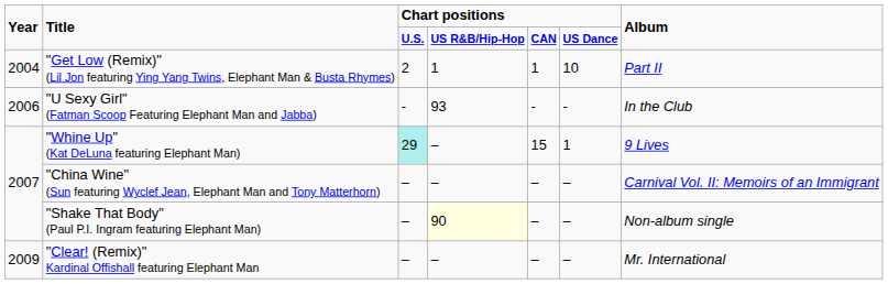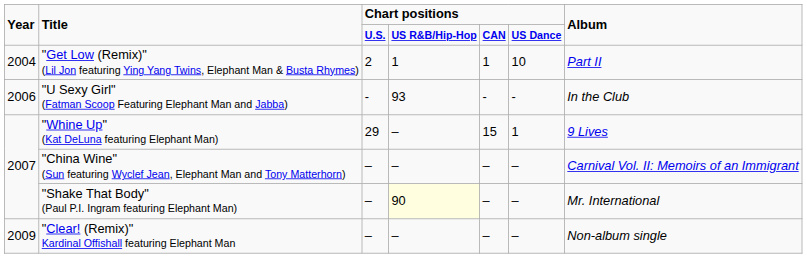 <table class="wikitable">
 <tr>
 <td rowspan="2"><strong>Year</strong></td>
 <td rowspan="2"><strong>Title</strong></td>
 <td colspan="4"><strong>Chart positions</strong></td>
 <td rowspan="2"><strong>Album</strong></td>
 </tr>
 <tr>
 <td><small><strong><a href='#'>U.S.</a></strong></small></td>
 <td><small><strong><a href='#'>US R&B/Hip-Hop</a></strong></small></td>
 <td><small><strong><a href='#'>CAN</a></strong></small></td>
 <td><small><strong><a href='#'>US Dance</a></strong></small></td>
 </tr>
 <tr>
 <td>2004</td>
 <td>"<a href='#'>Get Low</a> (Remix)" <br><small>(<a href='#'>Lil Jon</a> featuring <a href='#'>Ying Yang Twins</a>, Elephant Man & <a href='#'>Busta Rhymes</a>)</small></td>
 <td>2</td>
 <td>1</td>
 <td>1</td>
 <td>10</td>
 <td><em><a href='#'>Part II</a></em></td>
 </tr>
 <tr>
 <td>2006</td>
 <td>"U Sexy Girl" <br><small>(<a href='#'>Fatman Scoop</a> Featuring Elephant Man and <a href='#'>Jabba</a>) </small></td>
 <td>-</td>
 <td>93</td>
 <td>-</td>
 <td>-</td>
 <td><em>In the Club</em></td>
 </tr>
 <tr>
 <td rowspan="3">2007</td>
 <td>"<a href='#'>Whine Up</a>"  <br><small>(<a href='#'>Kat DeLuna</a> featuring Elephant Man)</small></td>
-<td style="background: paleturquoise;">29</td>
+<td>29</td>
 <td>–</td>
 <td>15</td>
 <td>1</td>
 <td><em><a href='#'>9 Lives</a></em></td>
 </tr>
 <tr>
 <td>"China Wine"  <br><small>(<a href='#'>Sun</a> featuring <a href='#'>Wyclef Jean</a>, Elephant Man and <a href='#'>Tony Matterhorn</a>)</small></td>
 <td>–</td>
 <td>–</td>
 <td>–</td>
 <td>–</td>
 <td><em><a href='#'>Carnival Vol. II: Memoirs of an Immigrant</a></em></td>
 </tr>
 <tr>
 <td>"Shake That Body"  <br><small>(Paul P.I. Ingram featuring Elephant Man)</small></td>
 <td>–</td>
 <td style="background: lightyellow;">90</td>
 <td>–</td>
 <td>–</td>
-<td><em>Non-album single</em></td>
+<td><em>Mr. International</em></td>
 </tr>
 <tr>
 <td rowspan="2">2009</td>
 <td>"<a href='#'>Clear!</a> (Remix)"  <br><small><a href='#'>Kardinal Offishall</a> featuring Elephant Man</small></td>
 <td>–</td>
 <td>–</td>
 <td>–</td>
 <td>–</td>
-<td><em>Mr. International</em></td>
+<td><em>Non-album single</em></td>
 </tr>
 </table>
